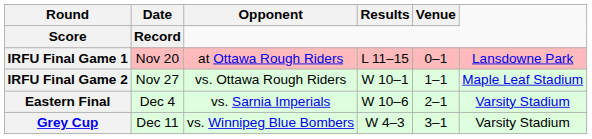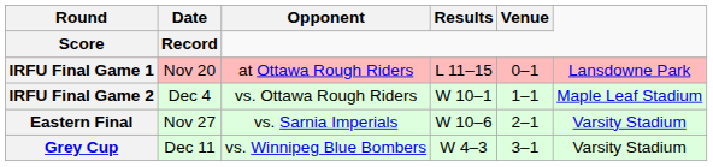 <table class="wikitable" style="text-align:center">
 <tr>
 <th>Round</th>
 <th>Date</th>
 <th>Opponent</th>
 <th>Results</th>
 <th>Venue</th>
 </tr>
 <tr>
 <th>Score</th>
 <th>Record</th>
 </tr>
 <tr style="background:#ffbbbb">
 <th>IRFU Final Game 1</th>
 <td>Nov 20</td>
 <td>at <a href='#'>Ottawa Rough Riders</a></td>
 <td>L 11–15</td>
 <td>0–1</td>
 <td><a href='#'>Lansdowne Park</a></td>
 </tr>
 <tr style="background:#ddffdd">
 <th>IRFU Final Game 2</th>
-<td>Nov 27</td>
+<td>Dec 4</td>
 <td>vs. Ottawa Rough Riders</td>
 <td>W 10–1</td>
 <td>1–1</td>
 <td><a href='#'>Maple Leaf Stadium</a></td>
 </tr>
 <tr style="background:#ddffdd">
 <th>Eastern Final</th>
-<td>Dec 4</td>
+<td>Nov 27</td>
 <td>vs. <a href='#'>Sarnia Imperials</a></td>
 <td>W 10–6</td>
 <td>2–1</td>
 <td><a href='#'>Varsity Stadium</a></td>
 </tr>
 <tr style="background:#ddffdd">
 <th><a href='#'>Grey Cup</a></th>
 <td>Dec 11</td>
 <td>vs. <a href='#'>Winnipeg Blue Bombers</a></td>
 <td>W 4–3</td>
 <td>3–1</td>
 <td>Varsity Stadium</td>
 </tr>
 </table>
